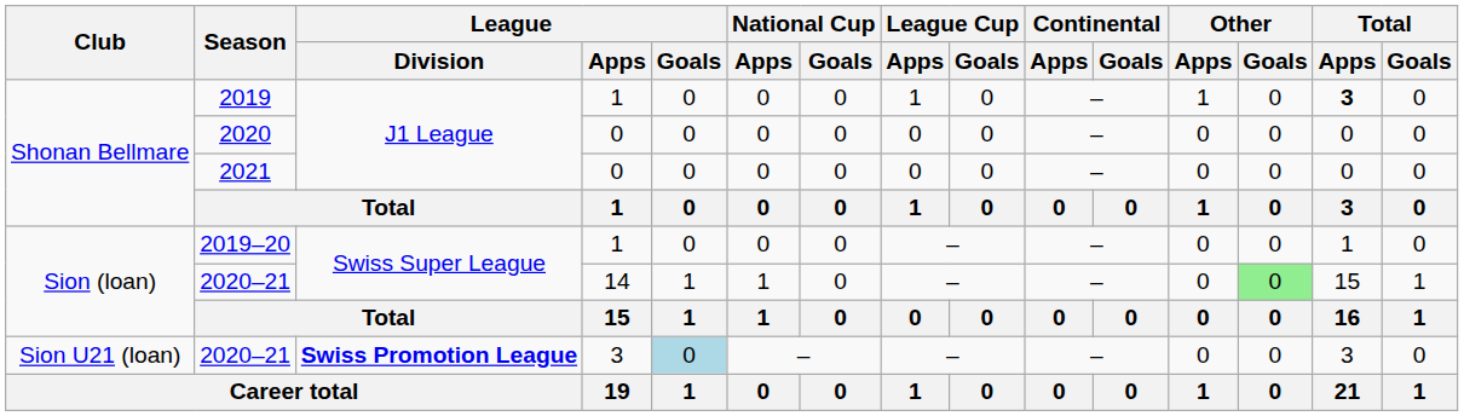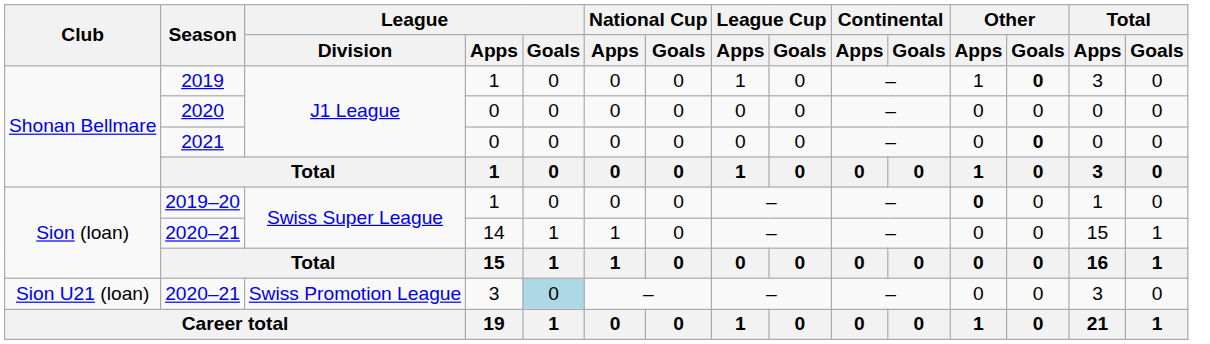 <table class="wikitable" style="text-align:center">
 <tr>
 <th rowspan="2">Club</th>
 <th rowspan="2">Season</th>
 <th colspan="3">League</th>
 <th colspan="2">National Cup</th>
 <th colspan="2">League Cup</th>
 <th colspan="2">Continental</th>
 <th colspan="2">Other</th>
 <th colspan="2">Total</th>
 </tr>
 <tr>
 <th>Division</th>
 <th>Apps</th>
 <th>Goals</th>
 <th>Apps</th>
 <th>Goals</th>
 <th>Apps</th>
 <th>Goals</th>
 <th>Apps</th>
 <th>Goals</th>
 <th>Apps</th>
 <th>Goals</th>
 <th>Apps</th>
 <th>Goals</th>
 </tr>
 <tr>
 <td rowspan="4"><a href='#'>Shonan Bellmare</a></td>
 <td><a href='#'>2019</a></td>
 <td rowspan="3"><a href='#'>J1 League</a></td>
 <td>1</td>
 <td>0</td>
 <td>0</td>
 <td>0</td>
 <td>1</td>
 <td>0</td>
 <td colspan="2">–</td>
 <td>1</td>
-<td>0</td>
-<td><strong>3</strong></td>
+<td><strong>0</strong></td>
+<td>3</td>
 <td>0</td>
 </tr>
 <tr>
 <td><a href='#'>2020</a></td>
 <td>0</td>
 <td>0</td>
 <td>0</td>
 <td>0</td>
 <td>0</td>
 <td>0</td>
 <td colspan="2">–</td>
 <td>0</td>
 <td>0</td>
 <td>0</td>
 <td>0</td>
 </tr>
 <tr>
 <td><a href='#'>2021</a></td>
 <td>0</td>
 <td>0</td>
 <td>0</td>
 <td>0</td>
 <td>0</td>
 <td>0</td>
 <td colspan="2">–</td>
 <td>0</td>
-<td>0</td>
+<td><strong>0</strong></td>
 <td>0</td>
 <td>0</td>
 </tr>
 <tr>
 <th colspan=2>Total</th>
 <th>1</th>
 <th>0</th>
 <th>0</th>
 <th>0</th>
 <th>1</th>
 <th>0</th>
 <th>0</th>
 <th>0</th>
 <th>1</th>
 <th>0</th>
 <th>3</th>
 <th>0</th>
 </tr>
 <tr>
 <td rowspan="3"><a href='#'>Sion</a> (loan)</td>
 <td><a href='#'>2019–20</a></td>
 <td rowspan="2"><a href='#'>Swiss Super League</a></td>
 <td>1</td>
 <td>0</td>
 <td>0</td>
 <td>0</td>
 <td colspan="2">–</td>
 <td colspan="2">–</td>
-<td>0</td>
+<td><strong>0</strong></td>
 <td>0</td>
 <td>1</td>
 <td>0</td>
 </tr>
 <tr>
 <td><a href='#'>2020–21</a></td>
 <td>14</td>
 <td>1</td>
 <td>1</td>
 <td>0</td>
 <td colspan="2">–</td>
 <td colspan="2">–</td>
 <td>0</td>
-<td style="background: lightgreen;">0</td>
+<td>0</td>
 <td>15</td>
 <td>1</td>
 </tr>
 <tr>
 <th colspan=2>Total</th>
 <th>15</th>
 <th>1</th>
 <th>1</th>
 <th>0</th>
 <th>0</th>
 <th>0</th>
 <th>0</th>
 <th>0</th>
 <th>0</th>
 <th>0</th>
 <th>16</th>
 <th>1</th>
 </tr>
 <tr>
 <td><a href='#'>Sion U21</a> (loan)</td>
 <td><a href='#'>2020–21</a></td>
-<td><strong><a href='#'>Swiss Promotion League</a></strong></td>
+<td><a href='#'>Swiss Promotion League</a></td>
 <td>3</td>
 <td style="background: lightblue;">0</td>
 <td colspan="2">–</td>
 <td colspan="2">–</td>
 <td colspan="2">–</td>
 <td>0</td>
 <td>0</td>
 <td>3</td>
 <td>0</td>
 </tr>
 <tr>
 <th colspan=3>Career total</th>
 <th>19</th>
 <th>1</th>
 <th>0</th>
 <th>0</th>
 <th>1</th>
 <th>0</th>
 <th>0</th>
 <th>0</th>
 <th>1</th>
 <th>0</th>
 <th>21</th>
 <th>1</th>
 </tr>
 </table>
